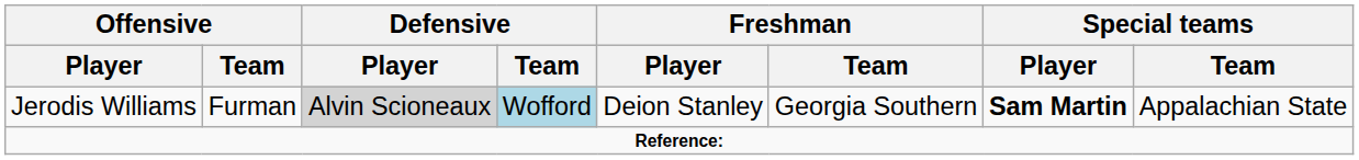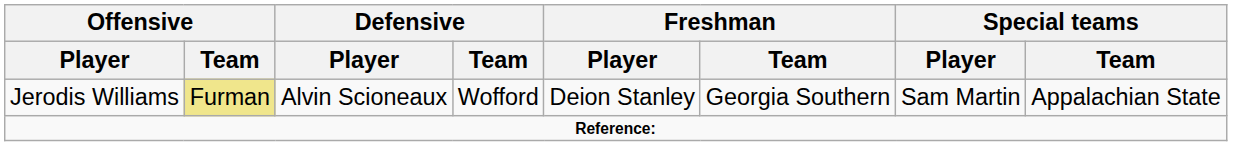 <table class="wikitable" border="1">
 <tr>
 <th colspan="2">Offensive</th>
 <th colspan="2">Defensive</th>
 <th colspan="2">Freshman</th>
 <th colspan="2">Special teams</th>
 </tr>
 <tr>
 <th>Player</th>
 <th>Team</th>
 <th>Player</th>
 <th>Team</th>
 <th>Player</th>
 <th>Team</th>
 <th>Player</th>
 <th>Team</th>
 </tr>
 <tr>
 <td>Jerodis Williams</td>
-<td>Furman</td>
-<td style="background: lightgrey;">Alvin Scioneaux</td>
-<td style="background: lightblue;">Wofford</td>
+<td style="background: khaki;">Furman</td>
+<td>Alvin Scioneaux</td>
+<td>Wofford</td>
 <td>Deion Stanley</td>
 <td>Georgia Southern</td>
-<td><strong>Sam Martin</strong></td>
+<td>Sam Martin</td>
 <td>Appalachian State</td>
 </tr>
 <tr>
 <td colspan="8" style="font-size: 8pt" align="center"><strong>Reference:</strong></td>
 </tr>
 </table>
